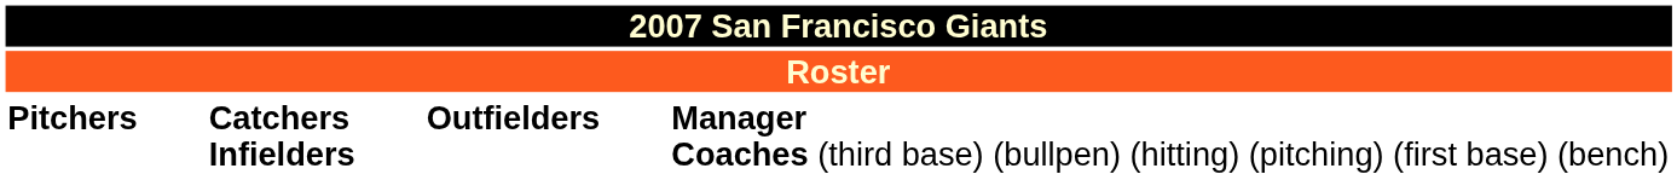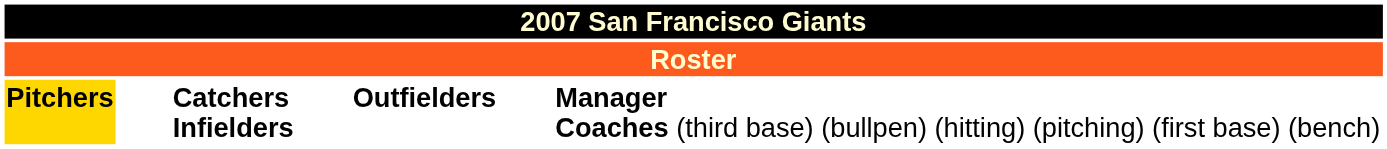 <table class="toccolours" style="font-size: 95%;">
 <tr>
 <th colspan="10" style="background-color: black; color: #FFFDD0; text-align: center;">2007 San Francisco Giants</th>
 </tr>
 <tr>
 <td colspan="10" style="background-color: #fd5a1e; color: #FFFDD0; text-align: center;"><strong>Roster</strong></td>
 </tr>
 <tr>
-<td valign="top"><strong>Pitchers</strong><br>                     </td>
+<td valign="top" style="background: gold;"><strong>Pitchers</strong><br>                     </td>
 <td width="25px"></td>
 <td valign="top"><strong>Catchers</strong><br>   <strong>Infielders</strong>           </td>
 <td width="25px"></td>
 <td valign="top"><strong>Outfielders</strong><br>       </td>
 <td width="25px"></td>
 <td valign="top"><strong>Manager</strong><br> <strong>Coaches</strong>  (third base)  (bullpen)  (hitting)  (pitching)  (first base)  (bench)</td>
 </tr>
 <tr>
 </tr>
 </table>
